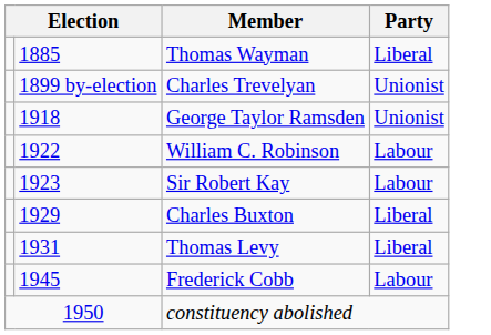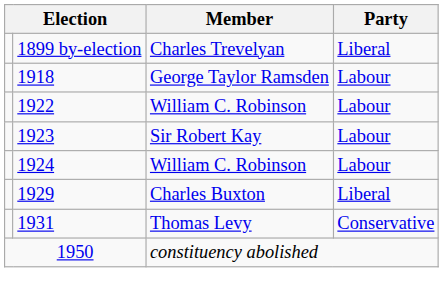 <table class="wikitable">
 <tr>
 <th colspan="2">Election</th>
 <th>Member</th>
 <th>Party</th>
 </tr>
 <tr>
 <td style="color:inherit;background-color: "></td>
-<td><a href='#'>1885</a></td>
-<td><a href='#'>Thomas Wayman</a></td>
-<td><a href='#'>Liberal</a></td>
-</tr>
-<tr>
-<td style="color:inherit;background-color: "></td>
 <td><a href='#'>1899 by-election</a></td>
 <td><a href='#'>Charles Trevelyan</a></td>
-<td><a href='#'>Unionist</a></td>
+<td><a href='#'>Liberal</a></td>
 </tr>
 <tr>
 <td style="color:inherit;background-color: "></td>
 <td><a href='#'>1918</a></td>
 <td><a href='#'>George Taylor Ramsden</a></td>
-<td><a href='#'>Unionist</a></td>
+<td><a href='#'>Labour</a></td>
 </tr>
 <tr>
 <td style="color:inherit;background-color: "></td>
 <td><a href='#'>1922</a></td>
 <td><a href='#'>William C. Robinson</a></td>
 <td><a href='#'>Labour</a></td>
 </tr>
 <tr>
 <td style="color:inherit;background-color: "></td>
 <td><a href='#'>1923</a></td>
 <td><a href='#'>Sir Robert Kay</a></td>
 <td><a href='#'>Labour</a></td>
 </tr>
 <tr>
 <td style="color:inherit;background-color: "></td>
+<td><a href='#'>1924</a></td>
+<td><a href='#'>William C. Robinson</a></td>
+<td><a href='#'>Labour</a></td>
+</tr>
+<tr>
+<td style="color:inherit;background-color: "></td>
 <td><a href='#'>1929</a></td>
 <td><a href='#'>Charles Buxton</a></td>
 <td><a href='#'>Liberal</a></td>
 </tr>
 <tr>
 <td style="color:inherit;background-color: "></td>
 <td><a href='#'>1931</a></td>
 <td><a href='#'>Thomas Levy</a></td>
-<td><a href='#'>Liberal</a></td>
-</tr>
-<tr>
-<td style="color:inherit;background-color: "></td>
-<td><a href='#'>1945</a></td>
-<td><a href='#'>Frederick Cobb</a></td>
-<td><a href='#'>Labour</a></td>
+<td><a href='#'>Conservative</a></td>
 </tr>
 <tr>
 <td colspan=2 align="center"><a href='#'>1950</a></td>
 <td colspan="2"><em>constituency abolished</em></td>
 </tr>
 </table>
